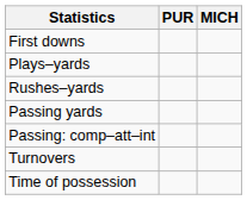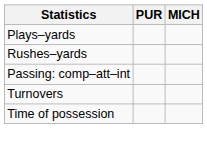 <table class="wikitable" style="float:left">
 <tr>
 <th>Statistics</th>
 <th>PUR</th>
 <th>MICH</th>
-</tr>
-<tr>
-<td>First downs</td>
-<td></td>
-<td></td>
 </tr>
 <tr>
 <td>Plays–yards</td>
 <td></td>
 <td></td>
 </tr>
 <tr>
 <td>Rushes–yards</td>
-<td></td>
-<td></td>
-</tr>
-<tr>
-<td>Passing yards</td>
 <td></td>
 <td></td>
 </tr>
 <tr>
 <td>Passing: comp–att–int</td>
 <td></td>
 <td></td>
 </tr>
 <tr>
 <td>Turnovers</td>
 <td></td>
 <td></td>
 </tr>
 <tr>
 <td>Time of possession</td>
 <td></td>
 <td></td>
 </tr>
 </table>
